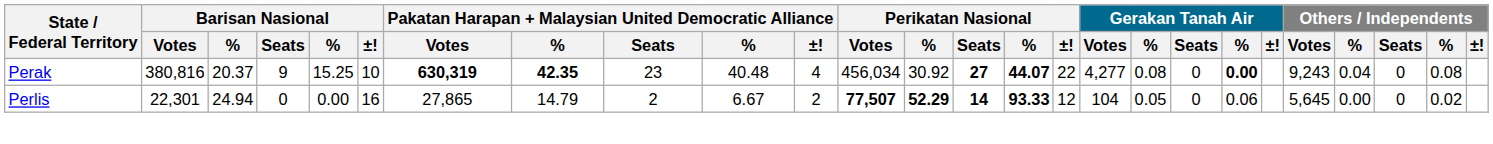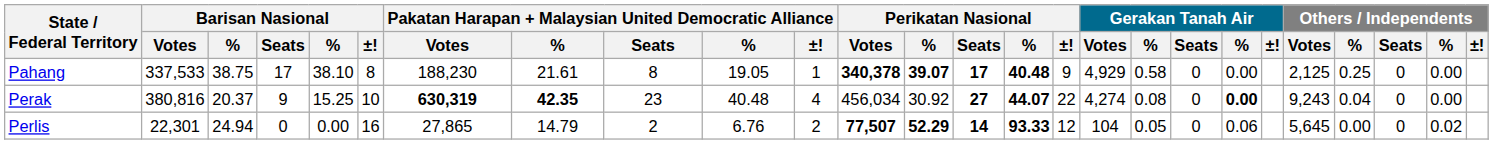 <table class="wikitable sortable" style="background:#FFFFFF;color:#000000; font-size:80%">
 <tr>
 <th colspan="1" rowspan="2">State / <br>Federal Territory</th>
 <th colspan="5" style="background:">Barisan Nasional</th>
 <th colspan="5" style="background:">Pakatan Harapan + Malaysian United Democratic Alliance</th>
 <th colspan="5" style="background:">Perikatan Nasional</th>
 <th colspan="5" style="background:#006a8e; color: white;">Gerakan Tanah Air</th>
 <th colspan="5" style="background:grey; color: white;">Others / Independents</th>
 </tr>
 <tr>
 <th>Votes</th>
 <th>%</th>
 <th>Seats</th>
 <th>%</th>
 <th>±!</th>
 <th>Votes</th>
 <th>%</th>
 <th>Seats</th>
 <th>%</th>
 <th>±!</th>
 <th>Votes</th>
 <th>%</th>
 <th>Seats</th>
 <th>%</th>
 <th>±!</th>
 <th>Votes</th>
 <th>%</th>
 <th>Seats</th>
 <th>%</th>
 <th>±!</th>
 <th>Votes</th>
 <th>%</th>
 <th>Seats</th>
 <th>%</th>
 <th>±!</th>
 </tr>
 <tr style="text-align:center;">
+<td style="text-align:left;"> <a href='#'>Pahang</a></td>
+<td>337,533</td>
+<td>38.75</td>
+<td>17</td>
+<td>38.10</td>
+<td> 8</td>
+<td>188,230</td>
+<td>21.61</td>
+<td>8</td>
+<td>19.05</td>
+<td> 1</td>
+<td><strong>340,378</strong></td>
+<td><strong>39.07</strong></td>
+<td><strong>17</strong></td>
+<td><strong>40.48</strong></td>
+<td> 9</td>
+<td>4,929</td>
+<td>0.58</td>
+<td>0</td>
+<td>0.00</td>
+<td></td>
+<td>2,125</td>
+<td>0.25</td>
+<td>0</td>
+<td>0.00</td>
+<td></td>
+</tr>
+<tr style="text-align:center;">
 <td style="text-align:left;"> <a href='#'>Perak</a></td>
 <td>380,816</td>
 <td>20.37</td>
 <td>9</td>
 <td>15.25</td>
 <td> 10</td>
 <td><strong>630,319</strong></td>
 <td><strong>42.35</strong></td>
 <td>23</td>
 <td>40.48</td>
 <td> 4</td>
 <td>456,034</td>
 <td>30.92</td>
 <td><strong>27</strong></td>
 <td><strong>44.07</strong></td>
 <td> 22</td>
-<td>4,277</td>
+<td>4,274</td>
 <td>0.08</td>
 <td>0</td>
 <td><strong>0.00</strong></td>
 <td></td>
 <td>9,243</td>
 <td>0.04</td>
 <td>0</td>
-<td>0.08</td>
+<td>0.00</td>
 <td></td>
 </tr>
 <tr style="text-align:center;">
 <td style="text-align:left;"> <a href='#'>Perlis</a></td>
 <td>22,301</td>
 <td>24.94</td>
 <td>0</td>
 <td>0.00</td>
 <td> 16</td>
 <td>27,865</td>
 <td>14.79</td>
 <td>2</td>
-<td>6.67</td>
+<td>6.76</td>
 <td> 2</td>
 <td><strong>77,507</strong></td>
 <td><strong>52.29</strong></td>
 <td><strong>14</strong></td>
 <td><strong>93.33</strong></td>
 <td> 12</td>
 <td>104</td>
 <td>0.05</td>
 <td>0</td>
 <td>0.06</td>
 <td></td>
 <td>5,645</td>
 <td>0.00</td>
 <td>0</td>
 <td>0.02</td>
 <td></td>
 </tr>
 </table>
